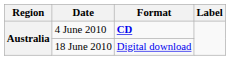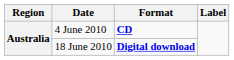 <table class="wikitable plainrowheaders">
 <tr>
 <th scope="col">Region</th>
 <th scope="col">Date</th>
 <th scope="col">Format</th>
 <th scope="col">Label</th>
 </tr>
 <tr>
 <th scope="row" rowspan="2">Australia</th>
 <td>4 June 2010</td>
 <td><strong><a href='#'>CD</a></strong></td>
 <td rowspan="2"></td>
 </tr>
 <tr>
 <td>18 June 2010</td>
-<td><a href='#'>Digital download</a></td>
+<td><strong><a href='#'>Digital download</a></strong></td>
 </tr>
 </table>
